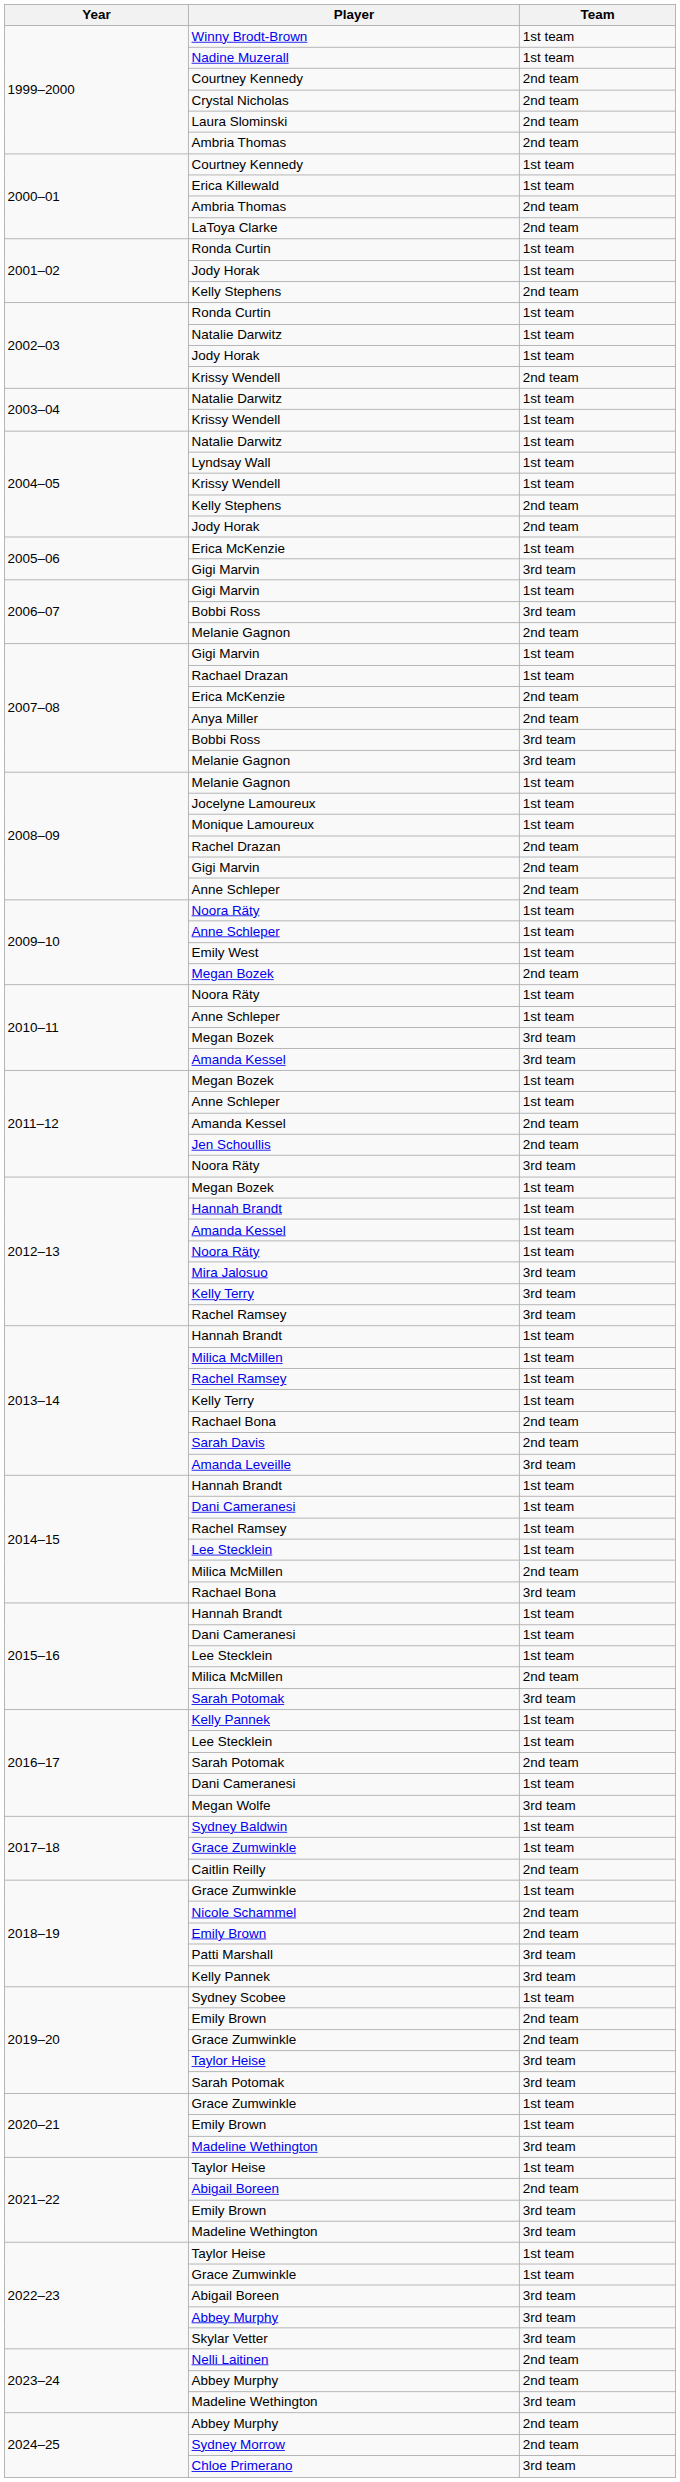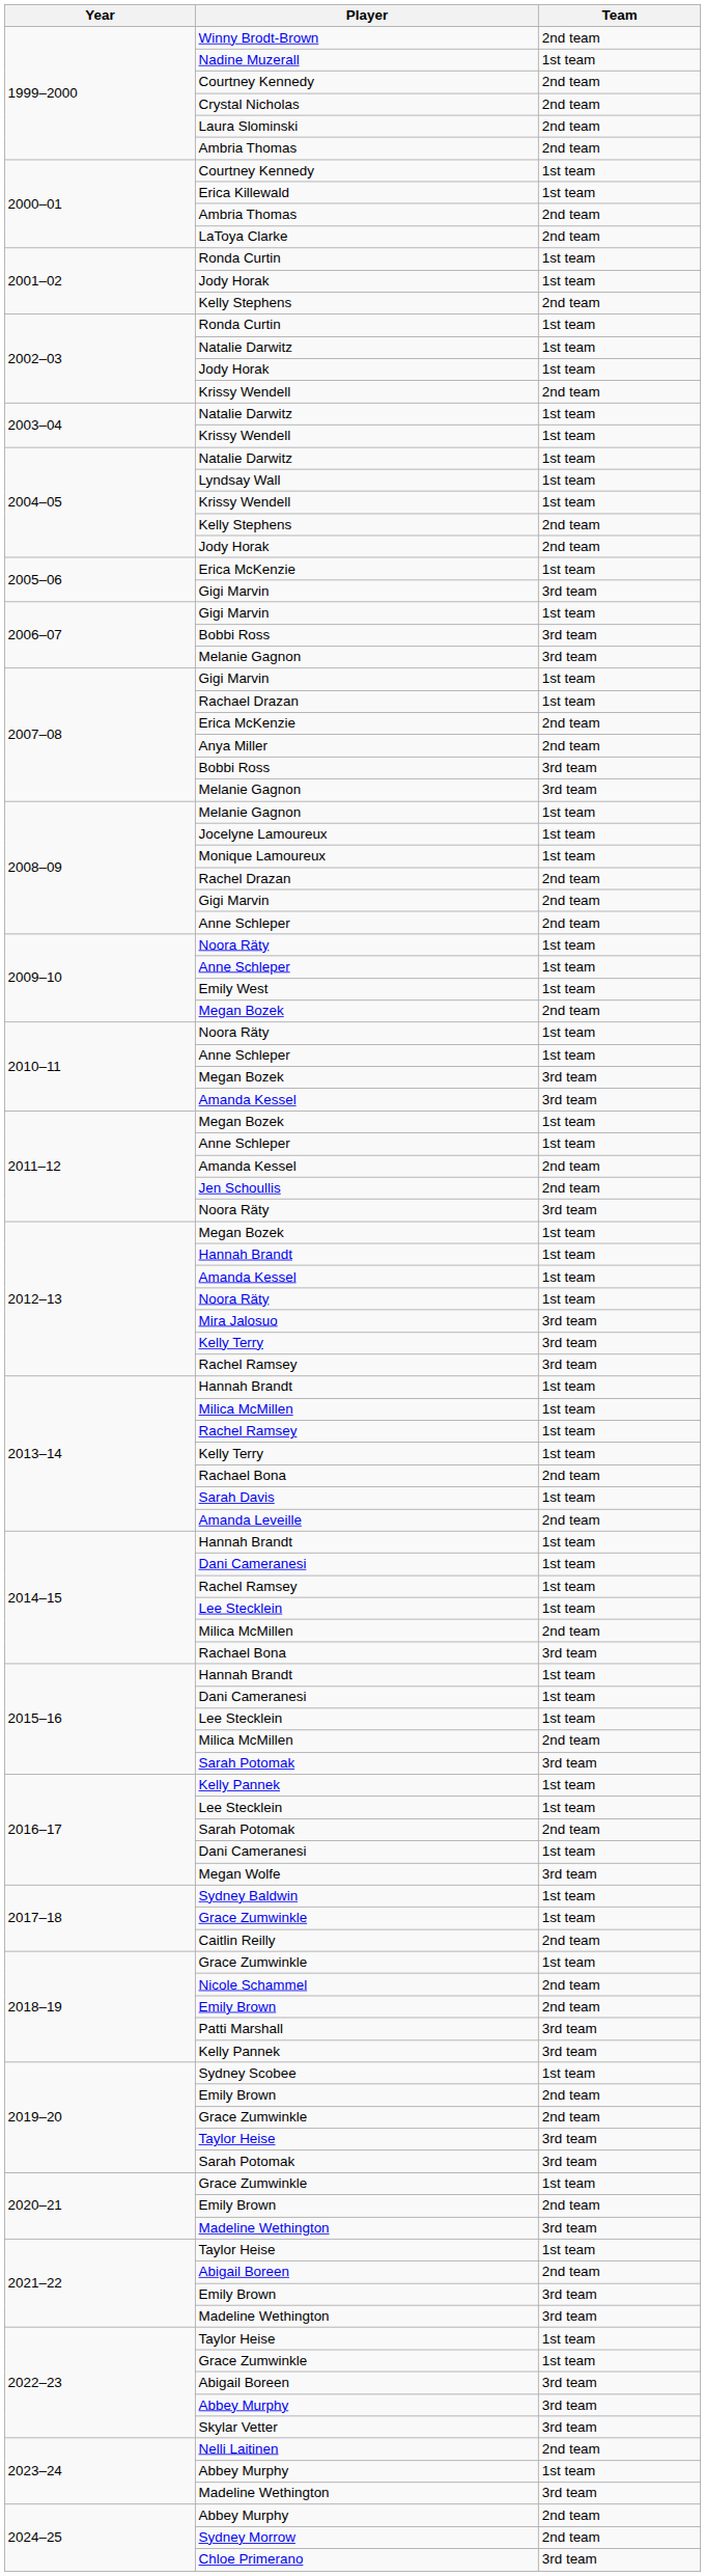 <table class="wikitable" style="width: 50em">
 <tr>
 <th>Year</th>
 <th>Player</th>
 <th>Team</th>
 </tr>
 <tr>
 <td rowspan="6">1999–2000</td>
 <td><a href='#'>Winny Brodt-Brown</a></td>
-<td>1st team</td>
+<td>2nd team</td>
 </tr>
 <tr>
 <td><a href='#'>Nadine Muzerall</a></td>
 <td>1st team</td>
 </tr>
 <tr>
 <td>Courtney Kennedy</td>
 <td>2nd team</td>
 </tr>
 <tr>
 <td>Crystal Nicholas</td>
 <td>2nd team</td>
 </tr>
 <tr>
 <td>Laura Slominski</td>
 <td>2nd team</td>
 </tr>
 <tr>
 <td>Ambria Thomas</td>
 <td>2nd team</td>
 </tr>
 <tr>
 <td rowspan="4">2000–01</td>
 <td>Courtney Kennedy</td>
 <td>1st team</td>
 </tr>
 <tr>
 <td>Erica Killewald</td>
 <td>1st team</td>
 </tr>
 <tr>
 <td>Ambria Thomas</td>
 <td>2nd team</td>
 </tr>
 <tr>
 <td>LaToya Clarke</td>
 <td>2nd team</td>
 </tr>
 <tr>
 <td rowspan="3">2001–02</td>
 <td>Ronda Curtin</td>
 <td>1st team</td>
 </tr>
 <tr>
 <td>Jody Horak</td>
 <td>1st team</td>
 </tr>
 <tr>
 <td>Kelly Stephens</td>
 <td>2nd team</td>
 </tr>
 <tr>
 <td rowspan="4">2002–03</td>
 <td>Ronda Curtin</td>
 <td>1st team</td>
 </tr>
 <tr>
 <td>Natalie Darwitz</td>
 <td>1st team</td>
 </tr>
 <tr>
 <td>Jody Horak</td>
 <td>1st team</td>
 </tr>
 <tr>
 <td>Krissy Wendell</td>
 <td>2nd team</td>
 </tr>
 <tr>
 <td rowspan="2">2003–04</td>
 <td>Natalie Darwitz</td>
 <td>1st team</td>
 </tr>
 <tr>
 <td>Krissy Wendell</td>
 <td>1st team</td>
 </tr>
 <tr>
 <td rowspan="5">2004–05</td>
 <td>Natalie Darwitz</td>
 <td>1st team</td>
 </tr>
 <tr>
 <td>Lyndsay Wall</td>
 <td>1st team</td>
 </tr>
 <tr>
 <td>Krissy Wendell</td>
 <td>1st team</td>
 </tr>
 <tr>
 <td>Kelly Stephens</td>
 <td>2nd team</td>
 </tr>
 <tr>
 <td>Jody Horak</td>
 <td>2nd team</td>
 </tr>
 <tr>
 <td rowspan="2">2005–06</td>
 <td>Erica McKenzie</td>
 <td>1st team</td>
 </tr>
 <tr>
 <td>Gigi Marvin</td>
 <td>3rd team</td>
 </tr>
 <tr>
 <td rowspan="3">2006–07</td>
 <td>Gigi Marvin</td>
 <td>1st team</td>
 </tr>
 <tr>
 <td>Bobbi Ross</td>
 <td>3rd team</td>
 </tr>
 <tr>
 <td>Melanie Gagnon</td>
-<td>2nd team</td>
+<td>3rd team</td>
 </tr>
 <tr>
 <td rowspan="6">2007–08</td>
 <td>Gigi Marvin</td>
 <td>1st team</td>
 </tr>
 <tr>
 <td>Rachael Drazan</td>
 <td>1st team</td>
 </tr>
 <tr>
 <td>Erica McKenzie</td>
 <td>2nd team</td>
 </tr>
 <tr>
 <td>Anya Miller</td>
 <td>2nd team</td>
 </tr>
 <tr>
 <td>Bobbi Ross</td>
 <td>3rd team</td>
 </tr>
 <tr>
 <td>Melanie Gagnon</td>
 <td>3rd team</td>
 </tr>
 <tr>
 <td rowspan="6">2008–09</td>
 <td>Melanie Gagnon</td>
 <td>1st team</td>
 </tr>
 <tr>
 <td>Jocelyne Lamoureux</td>
 <td>1st team</td>
 </tr>
 <tr>
 <td>Monique Lamoureux</td>
 <td>1st team</td>
 </tr>
 <tr>
 <td>Rachel Drazan</td>
 <td>2nd team</td>
 </tr>
 <tr>
 <td>Gigi Marvin</td>
 <td>2nd team</td>
 </tr>
 <tr>
 <td>Anne Schleper</td>
 <td>2nd team</td>
 </tr>
 <tr>
 <td rowspan="4">2009–10</td>
 <td><a href='#'>Noora Räty</a></td>
 <td>1st team</td>
 </tr>
 <tr>
 <td><a href='#'>Anne Schleper</a></td>
 <td>1st team</td>
 </tr>
 <tr>
 <td>Emily West</td>
 <td>1st team</td>
 </tr>
 <tr>
 <td><a href='#'>Megan Bozek</a></td>
 <td>2nd team</td>
 </tr>
 <tr>
 <td rowspan="4">2010–11</td>
 <td>Noora Räty</td>
 <td>1st team</td>
 </tr>
 <tr>
 <td>Anne Schleper</td>
 <td>1st team</td>
 </tr>
 <tr>
 <td>Megan Bozek</td>
 <td>3rd team</td>
 </tr>
 <tr>
 <td><a href='#'>Amanda Kessel</a></td>
 <td>3rd team</td>
 </tr>
 <tr>
 <td rowspan="5">2011–12</td>
 <td>Megan Bozek</td>
 <td>1st team</td>
 </tr>
 <tr>
 <td>Anne Schleper</td>
 <td>1st team</td>
 </tr>
 <tr>
 <td>Amanda Kessel</td>
 <td>2nd team</td>
 </tr>
 <tr>
 <td><a href='#'>Jen Schoullis</a></td>
 <td>2nd team</td>
 </tr>
 <tr>
 <td>Noora Räty</td>
 <td>3rd team</td>
 </tr>
 <tr>
 <td rowspan="7">2012–13</td>
 <td>Megan Bozek</td>
 <td>1st team</td>
 </tr>
 <tr>
 <td><a href='#'>Hannah Brandt</a></td>
 <td>1st team</td>
 </tr>
 <tr>
 <td><a href='#'>Amanda Kessel</a></td>
 <td>1st team</td>
 </tr>
 <tr>
 <td><a href='#'>Noora Räty</a></td>
 <td>1st team</td>
 </tr>
 <tr>
 <td><a href='#'>Mira Jalosuo</a></td>
 <td>3rd team</td>
 </tr>
 <tr>
 <td><a href='#'>Kelly Terry</a></td>
 <td>3rd team</td>
 </tr>
 <tr>
 <td>Rachel Ramsey</td>
 <td>3rd team</td>
 </tr>
 <tr>
 <td rowspan="7">2013–14</td>
 <td>Hannah Brandt</td>
 <td>1st team</td>
 </tr>
 <tr>
 <td><a href='#'>Milica McMillen</a></td>
 <td>1st team</td>
 </tr>
 <tr>
 <td><a href='#'>Rachel Ramsey</a></td>
 <td>1st team</td>
 </tr>
 <tr>
 <td>Kelly Terry</td>
 <td>1st team</td>
 </tr>
 <tr>
 <td>Rachael Bona</td>
 <td>2nd team</td>
 </tr>
 <tr>
 <td><a href='#'>Sarah Davis</a></td>
-<td>2nd team</td>
+<td>1st team</td>
 </tr>
 <tr>
 <td><a href='#'>Amanda Leveille</a></td>
-<td>3rd team</td>
+<td>2nd team</td>
 </tr>
 <tr>
 <td rowspan="6">2014–15</td>
 <td>Hannah Brandt</td>
 <td>1st team</td>
 </tr>
 <tr>
 <td><a href='#'>Dani Cameranesi</a></td>
 <td>1st team</td>
 </tr>
 <tr>
 <td>Rachel Ramsey</td>
 <td>1st team</td>
 </tr>
 <tr>
 <td><a href='#'>Lee Stecklein</a></td>
 <td>1st team</td>
 </tr>
 <tr>
 <td>Milica McMillen</td>
 <td>2nd team</td>
 </tr>
 <tr>
 <td>Rachael Bona</td>
 <td>3rd team</td>
 </tr>
 <tr>
 <td rowspan="5">2015–16</td>
 <td>Hannah Brandt</td>
 <td>1st team</td>
 </tr>
 <tr>
 <td>Dani Cameranesi</td>
 <td>1st team</td>
 </tr>
 <tr>
 <td>Lee Stecklein</td>
 <td>1st team</td>
 </tr>
 <tr>
 <td>Milica McMillen</td>
 <td>2nd team</td>
 </tr>
 <tr>
 <td><a href='#'>Sarah Potomak</a></td>
 <td>3rd team</td>
 </tr>
 <tr>
 <td rowspan="5">2016–17</td>
 <td><a href='#'>Kelly Pannek</a></td>
 <td>1st team</td>
 </tr>
 <tr>
 <td>Lee Stecklein</td>
 <td>1st team</td>
 </tr>
 <tr>
 <td>Sarah Potomak</td>
 <td>2nd team</td>
 </tr>
 <tr>
 <td>Dani Cameranesi</td>
 <td>1st team</td>
 </tr>
 <tr>
 <td>Megan Wolfe</td>
 <td>3rd team</td>
 </tr>
 <tr>
 <td rowspan="3">2017–18</td>
 <td><a href='#'>Sydney Baldwin</a></td>
 <td>1st team</td>
 </tr>
 <tr>
 <td><a href='#'>Grace Zumwinkle</a></td>
 <td>1st team</td>
 </tr>
 <tr>
 <td>Caitlin Reilly</td>
 <td>2nd team</td>
 </tr>
 <tr>
 <td rowspan="5">2018–19</td>
 <td>Grace Zumwinkle</td>
 <td>1st team</td>
 </tr>
 <tr>
 <td><a href='#'>Nicole Schammel</a></td>
 <td>2nd team</td>
 </tr>
 <tr>
 <td><a href='#'>Emily Brown</a></td>
 <td>2nd team</td>
 </tr>
 <tr>
 <td>Patti Marshall</td>
 <td>3rd team</td>
 </tr>
 <tr>
 <td>Kelly Pannek</td>
 <td>3rd team</td>
 </tr>
 <tr>
 <td rowspan="5">2019–20</td>
 <td>Sydney Scobee</td>
 <td>1st team</td>
 </tr>
 <tr>
 <td>Emily Brown</td>
 <td>2nd team</td>
 </tr>
 <tr>
 <td>Grace Zumwinkle</td>
 <td>2nd team</td>
 </tr>
 <tr>
 <td><a href='#'>Taylor Heise</a></td>
 <td>3rd team</td>
 </tr>
 <tr>
 <td>Sarah Potomak</td>
 <td>3rd team</td>
 </tr>
 <tr>
 <td rowspan="3">2020–21</td>
 <td>Grace Zumwinkle</td>
 <td>1st team</td>
 </tr>
 <tr>
 <td>Emily Brown</td>
-<td>1st team</td>
+<td>2nd team</td>
 </tr>
 <tr>
 <td><a href='#'>Madeline Wethington</a></td>
 <td>3rd team</td>
 </tr>
 <tr>
 <td rowspan="4">2021–22</td>
 <td>Taylor Heise</td>
 <td>1st team</td>
 </tr>
 <tr>
 <td><a href='#'>Abigail Boreen</a></td>
 <td>2nd team</td>
 </tr>
 <tr>
 <td>Emily Brown</td>
 <td>3rd team</td>
 </tr>
 <tr>
 <td>Madeline Wethington</td>
 <td>3rd team</td>
 </tr>
 <tr>
 <td rowspan="5">2022–23</td>
 <td>Taylor Heise</td>
 <td>1st team</td>
 </tr>
 <tr>
 <td>Grace Zumwinkle</td>
 <td>1st team</td>
 </tr>
 <tr>
 <td>Abigail Boreen</td>
 <td>3rd team</td>
 </tr>
 <tr>
 <td><a href='#'>Abbey Murphy</a></td>
 <td>3rd team</td>
 </tr>
 <tr>
 <td>Skylar Vetter</td>
 <td>3rd team</td>
 </tr>
 <tr>
 <td rowspan="3">2023–24</td>
 <td><a href='#'>Nelli Laitinen</a></td>
 <td>2nd team</td>
 </tr>
 <tr>
 <td>Abbey Murphy</td>
-<td>2nd team</td>
+<td>1st team</td>
 </tr>
 <tr>
 <td>Madeline Wethington</td>
 <td>3rd team</td>
 </tr>
 <tr>
 <td rowspan="3">2024–25</td>
 <td>Abbey Murphy</td>
 <td>2nd team</td>
 </tr>
 <tr>
 <td><a href='#'>Sydney Morrow</a></td>
 <td>2nd team</td>
 </tr>
 <tr>
 <td><a href='#'>Chloe Primerano</a></td>
 <td>3rd team</td>
 </tr>
 </table>
